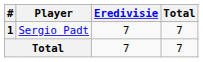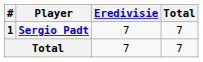 <table class="wikitable" style="text-align:center;">
 <tr>
 <th>#</th>
 <th>Player</th>
 <th><a href='#'>Eredivisie</a></th>
 <th>Total</th>
 </tr>
 <tr>
 <th>1</th>
-<td align="left"> <a href='#'>Sergio Padt</a></td>
+<td align="left"><strong> <a href='#'>Sergio Padt</a></strong></td>
 <td>7</td>
 <td>7</td>
 </tr>
 <tr>
 <th colspan="2">Total</th>
 <td>7</td>
 <td>7</td>
 </tr>
 </table>
